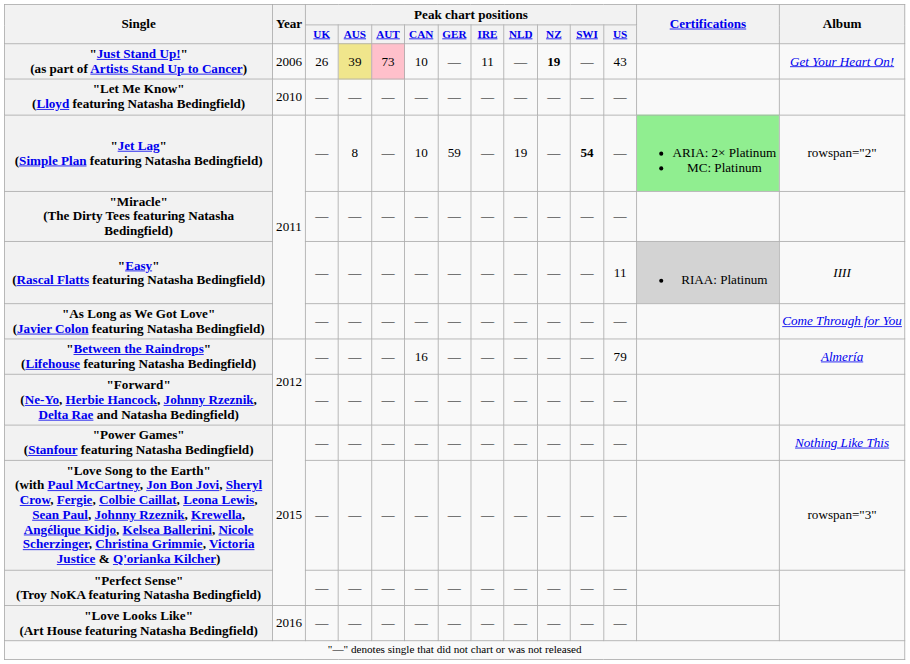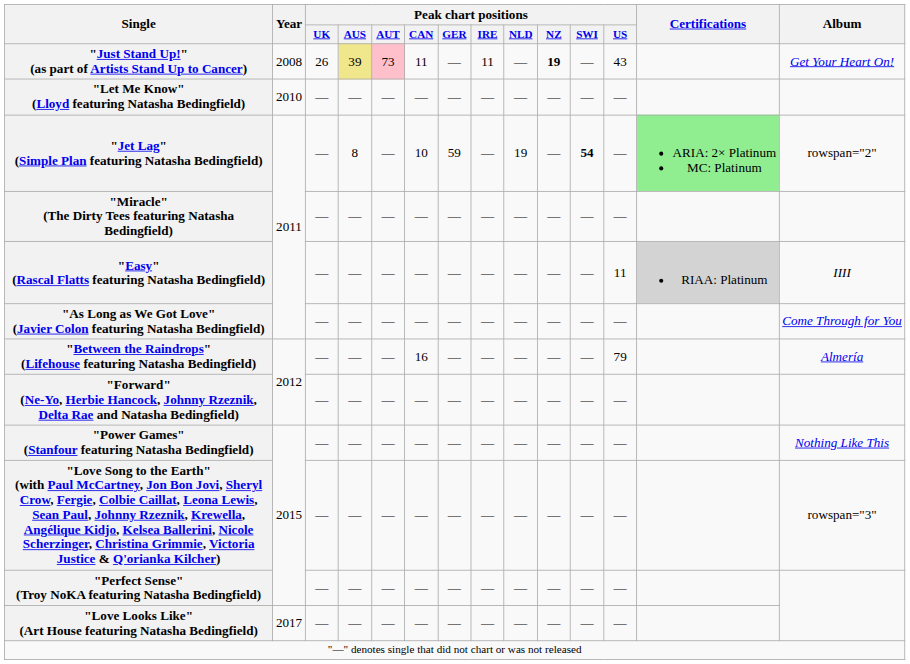 <table class="wikitable plainrowheaders" style="text-align:center;">
 <tr>
 <th scope="col" rowspan="2" style="width:20em;">Single</th>
 <th scope="col" rowspan="2">Year</th>
 <th scope="col" colspan="10">Peak chart positions</th>
 <th scope="col" rowspan="2"><a href='#'>Certifications</a></th>
 <th scope="col" rowspan="2">Album</th>
 </tr>
 <tr>
 <th scope="col" style="width:2.5em;font-size:85%;"><a href='#'>UK</a><br></th>
 <th scope="col" style="width:2.5em;font-size:85%;"><a href='#'>AUS</a><br></th>
 <th scope="col" style="width:2.5em;font-size:85%;"><a href='#'>AUT</a><br></th>
 <th scope="col" style="width:2.5em;font-size:85%;"><a href='#'>CAN</a><br></th>
 <th scope="col" style="width:2.5em;font-size:85%;"><a href='#'>GER</a><br></th>
 <th scope="col" style="width:2.5em;font-size:85%;"><a href='#'>IRE</a><br></th>
 <th scope="col" style="width:2.5em;font-size:85%;"><a href='#'>NLD</a><br></th>
 <th scope="col" style="width:2.5em;font-size:85%;"><a href='#'>NZ</a><br></th>
 <th scope="col" style="width:2.5em;font-size:85%;"><a href='#'>SWI</a><br></th>
 <th scope="col" style="width:2.5em;font-size:85%;"><a href='#'>US</a><br></th>
 </tr>
 <tr>
 <th scope="row">"<a href='#'>Just Stand Up!</a>"<br><span>(as part of <a href='#'>Artists Stand Up to Cancer</a>)</span></th>
-<td>2006</td>
+<td>2008</td>
 <td>26</td>
 <td style="background: khaki;">39</td>
 <td style="background: pink;">73</td>
-<td>10</td>
+<td>11</td>
 <td>—</td>
 <td>11</td>
 <td>—</td>
 <td><strong>19</strong></td>
 <td>—</td>
 <td>43</td>
 <td></td>
 <td><em><a href='#'>Get Your Heart On!</a></em></td>
 </tr>
 <tr>
 <th scope="row">"Let Me Know"<br><span> (<a href='#'>Lloyd</a> featuring Natasha Bedingfield)</span></th>
 <td>2010</td>
 <td>—</td>
 <td>—</td>
 <td>—</td>
 <td>—</td>
 <td>—</td>
 <td>—</td>
 <td>—</td>
 <td>—</td>
 <td>—</td>
 <td>—</td>
 <td></td>
 </tr>
 <tr>
 <th scope="row">"<a href='#'>Jet Lag</a>"<br><span>(<a href='#'>Simple Plan</a> featuring Natasha Bedingfield)</span></th>
 <td rowspan="4">2011</td>
 <td>—</td>
 <td>8</td>
 <td>—</td>
 <td>10</td>
 <td>59</td>
 <td>—</td>
 <td>19</td>
 <td>—</td>
 <td><strong>54</strong></td>
 <td>—</td>
 <td style="background: lightgreen;"><br><ul><li>ARIA: 2× Platinum</li><li>MC: Platinum</li></ul></td>
 <td>rowspan="2" </td>
 </tr>
 <tr>
 <th scope="row">"Miracle"<br><span>(The Dirty Tees featuring Natasha Bedingfield)</span></th>
 <td>—</td>
 <td>—</td>
 <td>—</td>
 <td>—</td>
 <td>—</td>
 <td>—</td>
 <td>—</td>
 <td>—</td>
 <td>—</td>
 <td>—</td>
 <td></td>
 <td></td>
 </tr>
 <tr>
 <th scope="row">"<a href='#'>Easy</a>"<br><span>(<a href='#'>Rascal Flatts</a> featuring Natasha Bedingfield)</span></th>
 <td>—</td>
 <td>—</td>
 <td>—</td>
 <td>—</td>
 <td>—</td>
 <td>—</td>
 <td>—</td>
 <td>—</td>
 <td>—</td>
 <td>11</td>
 <td style="background: lightgrey;"><br><ul><li>RIAA: Platinum</li></ul></td>
 <td><em>IIII</em></td>
 </tr>
 <tr>
 <th scope="row">"As Long as We Got Love"<br><span>(<a href='#'>Javier Colon</a> featuring Natasha Bedingfield)</span></th>
 <td>—</td>
 <td>—</td>
 <td>—</td>
 <td>—</td>
 <td>—</td>
 <td>—</td>
 <td>—</td>
 <td>—</td>
 <td>—</td>
 <td>—</td>
 <td></td>
 <td><em><a href='#'>Come Through for You</a></em></td>
 </tr>
 <tr>
 <th scope="row">"<a href='#'>Between the Raindrops</a>"<br><span>(<a href='#'>Lifehouse</a> featuring Natasha Bedingfield)</span></th>
 <td rowspan="2">2012</td>
 <td>—</td>
 <td>—</td>
 <td>—</td>
 <td>16</td>
 <td>—</td>
 <td>—</td>
 <td>—</td>
 <td>—</td>
 <td>—</td>
 <td>79</td>
 <td></td>
 <td><em><a href='#'>Almería</a></em></td>
 </tr>
 <tr>
 <th scope="row">"Forward"<br><span>(<a href='#'>Ne-Yo</a>, <a href='#'>Herbie Hancock</a>, <a href='#'>Johnny Rzeznik</a>, <a href='#'>Delta Rae</a> and Natasha Bedingfield)</span></th>
 <td>—</td>
 <td>—</td>
 <td>—</td>
 <td>—</td>
 <td>—</td>
 <td>—</td>
 <td>—</td>
 <td>—</td>
 <td>—</td>
 <td>—</td>
 <td></td>
 <td></td>
 </tr>
 <tr>
 <th scope="row">"Power Games"<br><span>(<a href='#'>Stanfour</a> featuring Natasha Bedingfield)</span></th>
 <td rowspan="3">2015</td>
 <td>—</td>
 <td>—</td>
 <td>—</td>
 <td>—</td>
 <td>—</td>
 <td>—</td>
 <td>—</td>
 <td>—</td>
 <td>—</td>
 <td>—</td>
 <td></td>
 <td><em><a href='#'>Nothing Like This</a></em></td>
 </tr>
 <tr>
 <th scope="row">"Love Song to the Earth"<br><span>(with <a href='#'>Paul McCartney</a>, <a href='#'>Jon Bon Jovi</a>, <a href='#'>Sheryl Crow</a>, <a href='#'>Fergie</a>, <a href='#'>Colbie Caillat</a>, <a href='#'>Leona Lewis</a>, <a href='#'>Sean Paul</a>, <a href='#'>Johnny Rzeznik</a>, <a href='#'>Krewella</a>, <a href='#'>Angélique Kidjo</a>, <a href='#'>Kelsea Ballerini</a>, <a href='#'>Nicole Scherzinger</a>, <a href='#'>Christina Grimmie</a>, <a href='#'>Victoria Justice</a> & <a href='#'>Q'orianka Kilcher</a>)</span></th>
 <td>—</td>
 <td>—</td>
 <td>—</td>
 <td>—</td>
 <td>—</td>
 <td>—</td>
 <td>—</td>
 <td>—</td>
 <td>—</td>
 <td>—</td>
 <td></td>
 <td>rowspan="3" </td>
 </tr>
 <tr>
 <th scope="row">"Perfect Sense"<br><span>(Troy NoKA featuring Natasha Bedingfield)</span></th>
 <td>—</td>
 <td>—</td>
 <td>—</td>
 <td>—</td>
 <td>—</td>
 <td>—</td>
 <td>—</td>
 <td>—</td>
 <td>—</td>
 <td>—</td>
 <td></td>
 </tr>
 <tr>
 <th scope="row">"Love Looks Like"<br><span>(Art House featuring Natasha Bedingfield)</span></th>
-<td>2016</td>
+<td>2017</td>
 <td>—</td>
 <td>—</td>
 <td>—</td>
 <td>—</td>
 <td>—</td>
 <td>—</td>
 <td>—</td>
 <td>—</td>
 <td>—</td>
 <td>—</td>
 <td></td>
 </tr>
 <tr>
 <td colspan="15" style="font-size:85%">"—" denotes single that did not chart or was not released</td>
 </tr>
 </table>
